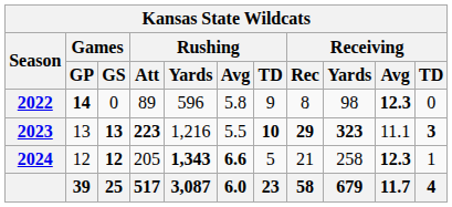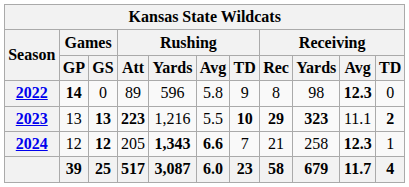 <table class="wikitable" style="text-align:center;">
 <tr>
 <th colspan="15">Kansas State Wildcats</th>
 </tr>
 <tr>
 <th rowspan="2">Season</th>
 <th colspan="2">Games</th>
 <th colspan="4">Rushing</th>
 <th colspan="4">Receiving</th>
 </tr>
 <tr>
 <th>GP</th>
 <th>GS</th>
 <th>Att</th>
 <th>Yards</th>
 <th>Avg</th>
 <th>TD</th>
 <th>Rec</th>
 <th>Yards</th>
 <th>Avg</th>
 <th>TD</th>
 </tr>
 <tr>
 </tr>
 <tr>
 <th><a href='#'>2022</a></th>
 <td><strong>14</strong></td>
 <td>0</td>
 <td>89</td>
 <td>596</td>
 <td>5.8</td>
 <td>9</td>
 <td>8</td>
 <td>98</td>
 <td><strong>12.3</strong></td>
 <td>0</td>
 </tr>
 <tr>
 <th><a href='#'>2023</a></th>
 <td>13</td>
 <td><strong>13</strong></td>
 <td><strong>223</strong></td>
 <td>1,216</td>
 <td>5.5</td>
 <td><strong>10</strong></td>
 <td><strong>29</strong></td>
 <td><strong>323</strong></td>
 <td>11.1</td>
-<td><strong>3</strong></td>
+<td><strong>2</strong></td>
 </tr>
 <tr>
 <th><a href='#'>2024</a></th>
 <td>12</td>
 <td><strong>12</strong></td>
 <td>205</td>
 <td><strong>1,343</strong></td>
 <td><strong>6.6</strong></td>
-<td>5</td>
+<td>7</td>
 <td>21</td>
 <td>258</td>
 <td><strong>12.3</strong></td>
 <td>1</td>
 </tr>
 <tr>
 <th></th>
 <th>39</th>
 <th>25</th>
 <th>517</th>
 <th>3,087</th>
 <th>6.0</th>
 <th>23</th>
 <th>58</th>
 <th>679</th>
 <th>11.7</th>
 <th>4</th>
 </tr>
 </table>
